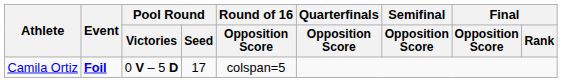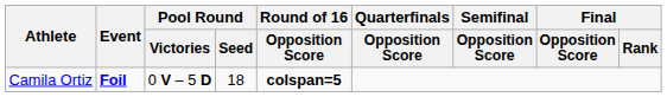 <table class=wikitable style=font-size:90%;text-align:center>
 <tr>
 <th rowspan=2>Athlete</th>
 <th rowspan=2>Event</th>
 <th colspan=2>Pool Round</th>
 <th>Round of 16</th>
 <th>Quarterfinals</th>
 <th>Semifinal</th>
 <th colspan=2>Final</th>
 </tr>
 <tr style=font-size:95%>
 <th>Victories</th>
 <th>Seed</th>
 <th>Opposition<br>Score</th>
 <th>Opposition<br>Score</th>
 <th>Opposition<br>Score</th>
 <th>Opposition<br>Score</th>
 <th>Rank</th>
 </tr>
 <tr align=center>
 <td align=left><a href='#'>Camila Ortiz</a></td>
 <td align=left><strong><a href='#'>Foil</a></strong></td>
 <td>0 <strong>V</strong> – 5 <strong>D</strong></td>
-<td>17</td>
-<td>colspan=5 </td>
+<td>18</td>
+<td><strong>colspan=5 </strong></td>
 </tr>
 </table>
